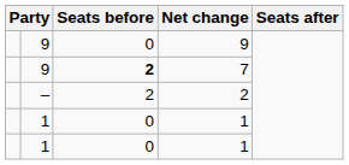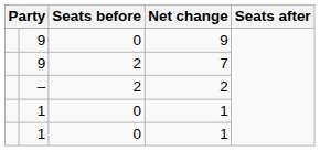 <table class=wikitable style="text-align:right">
 <tr>
 <th colspan="2">Party</th>
 <th>Seats before</th>
 <th>Net change</th>
 <th>Seats after</th>
 </tr>
 <tr>
 <td></td>
 <td>9</td>
 <td> 0</td>
 <td>9</td>
 </tr>
 <tr>
 <td></td>
 <td>9</td>
-<td><strong> 2</strong></td>
+<td> 2</td>
 <td>7</td>
 </tr>
 <tr>
 <td></td>
 <td>–</td>
 <td> 2</td>
 <td>2</td>
 </tr>
 <tr>
 <td></td>
 <td>1</td>
 <td> 0</td>
 <td>1</td>
 </tr>
 <tr>
 <td></td>
 <td>1</td>
 <td> 0</td>
 <td>1</td>
 </tr>
 </table>
